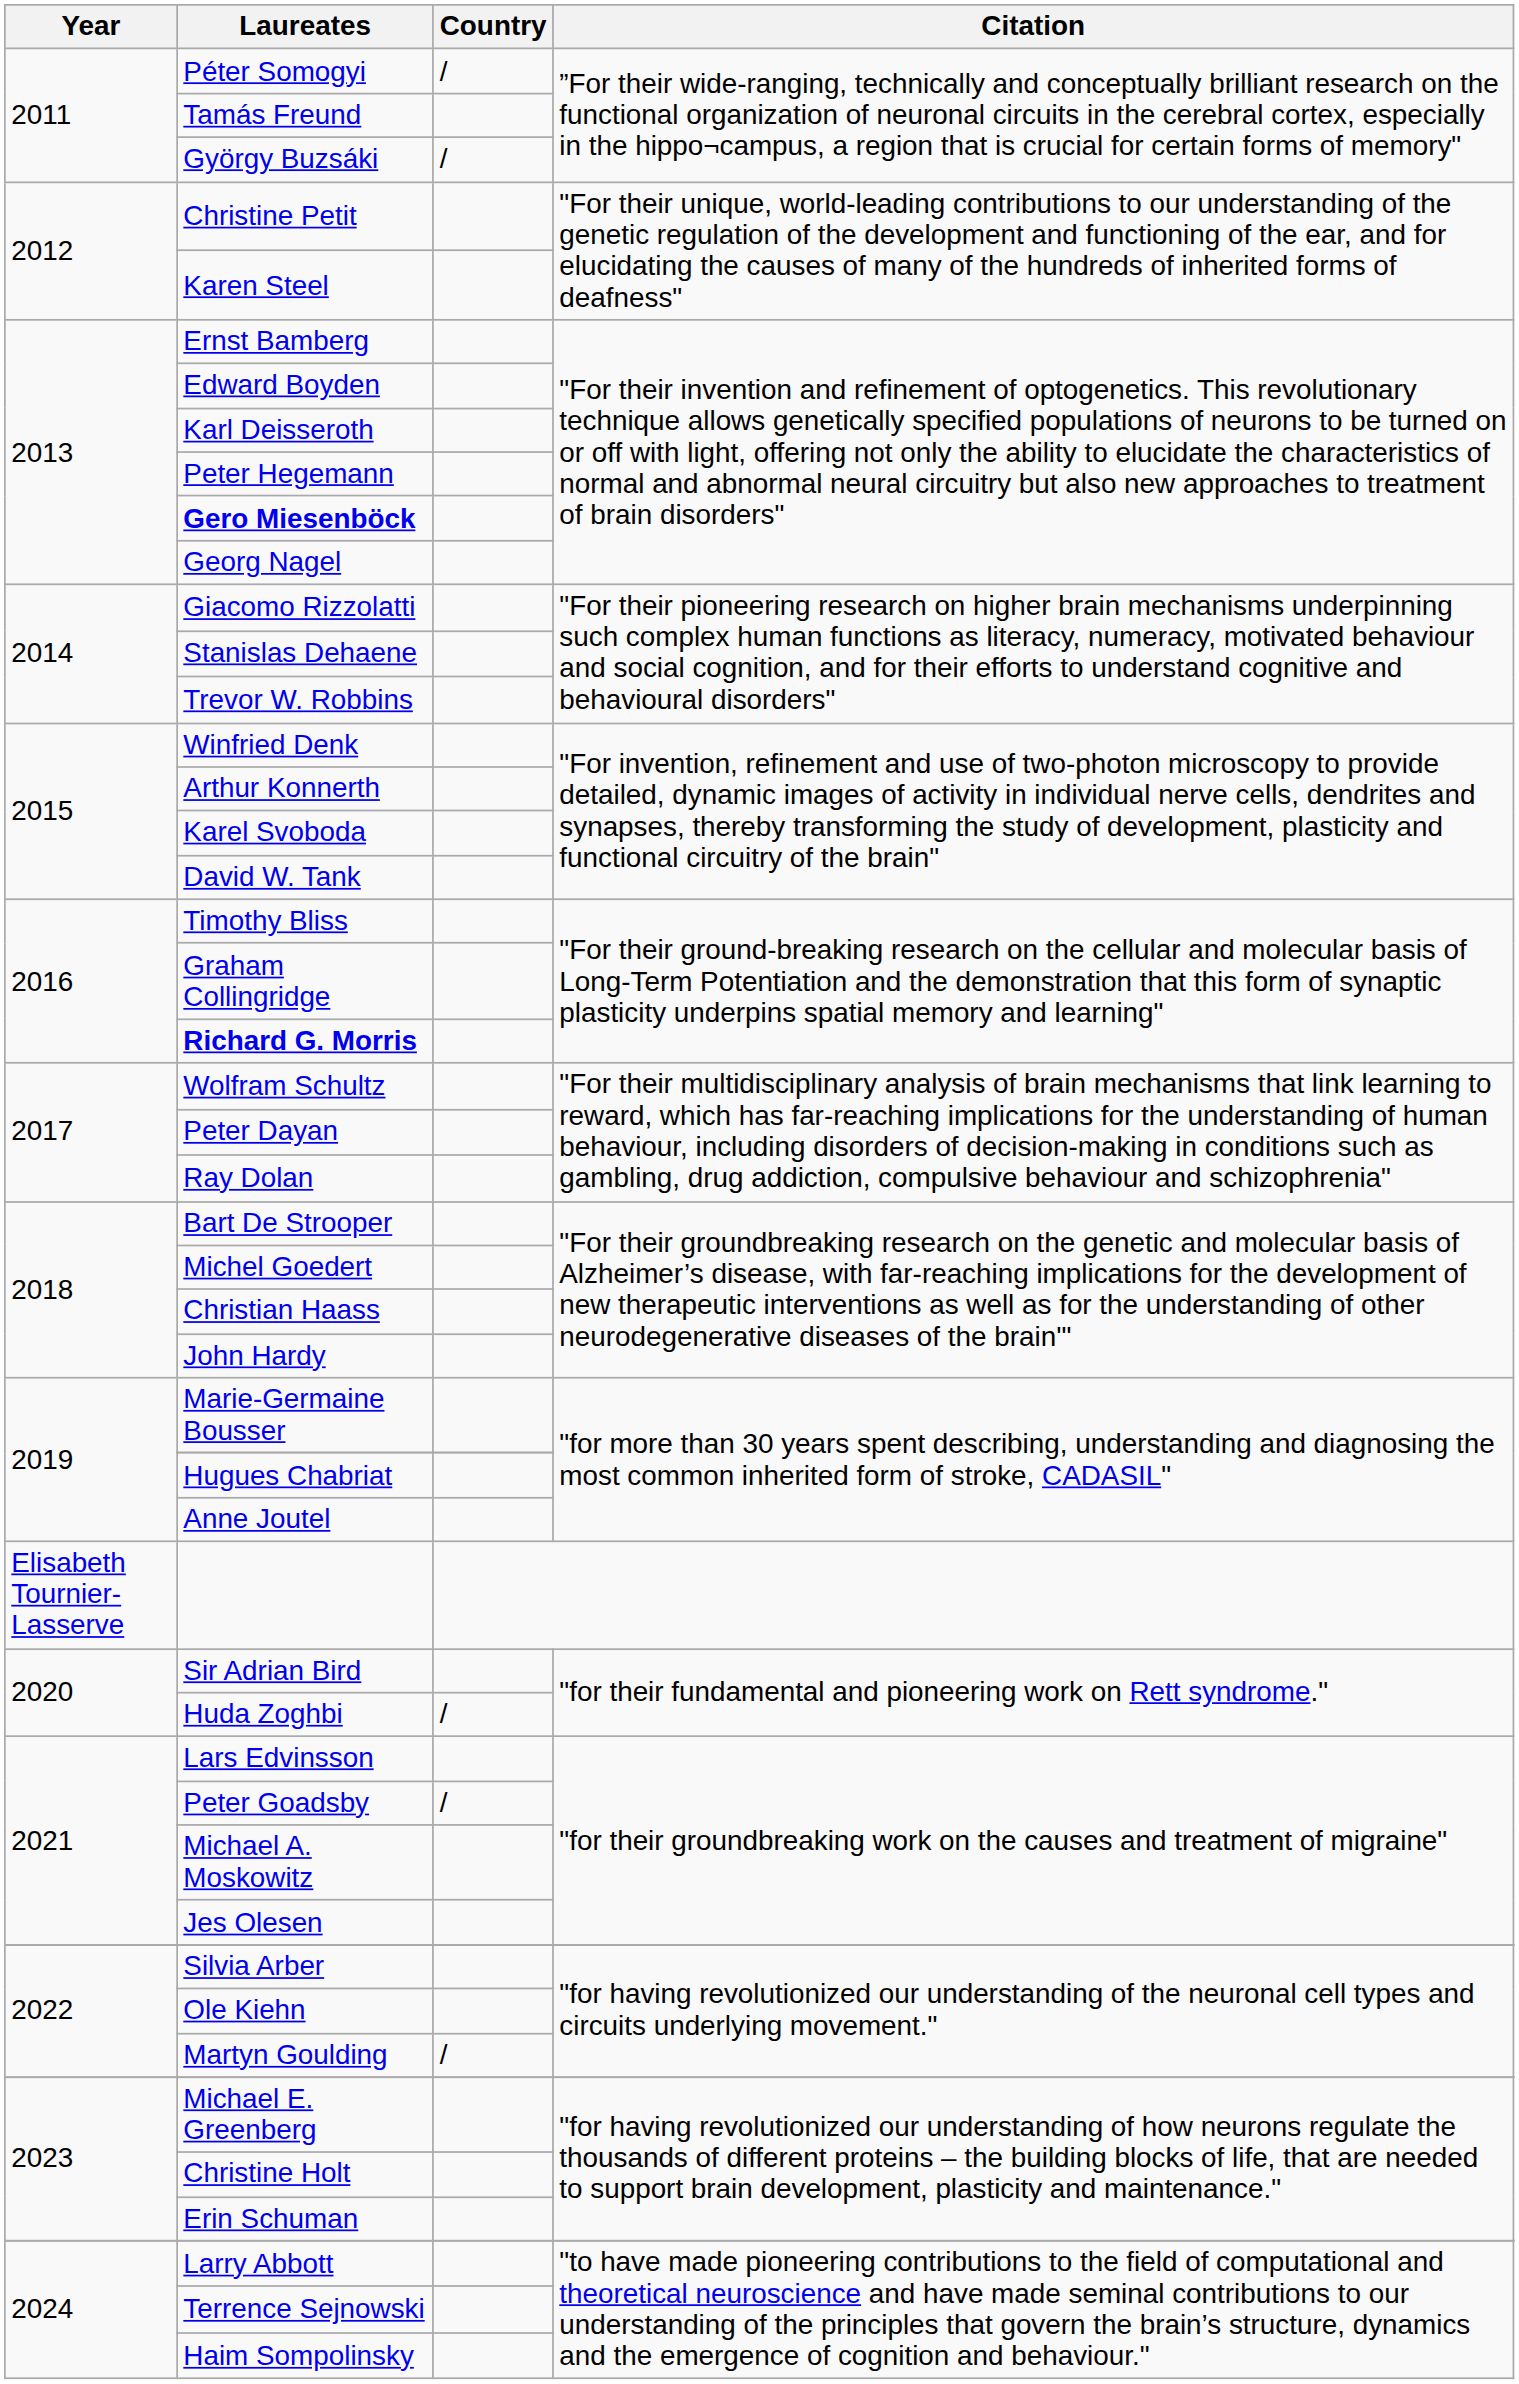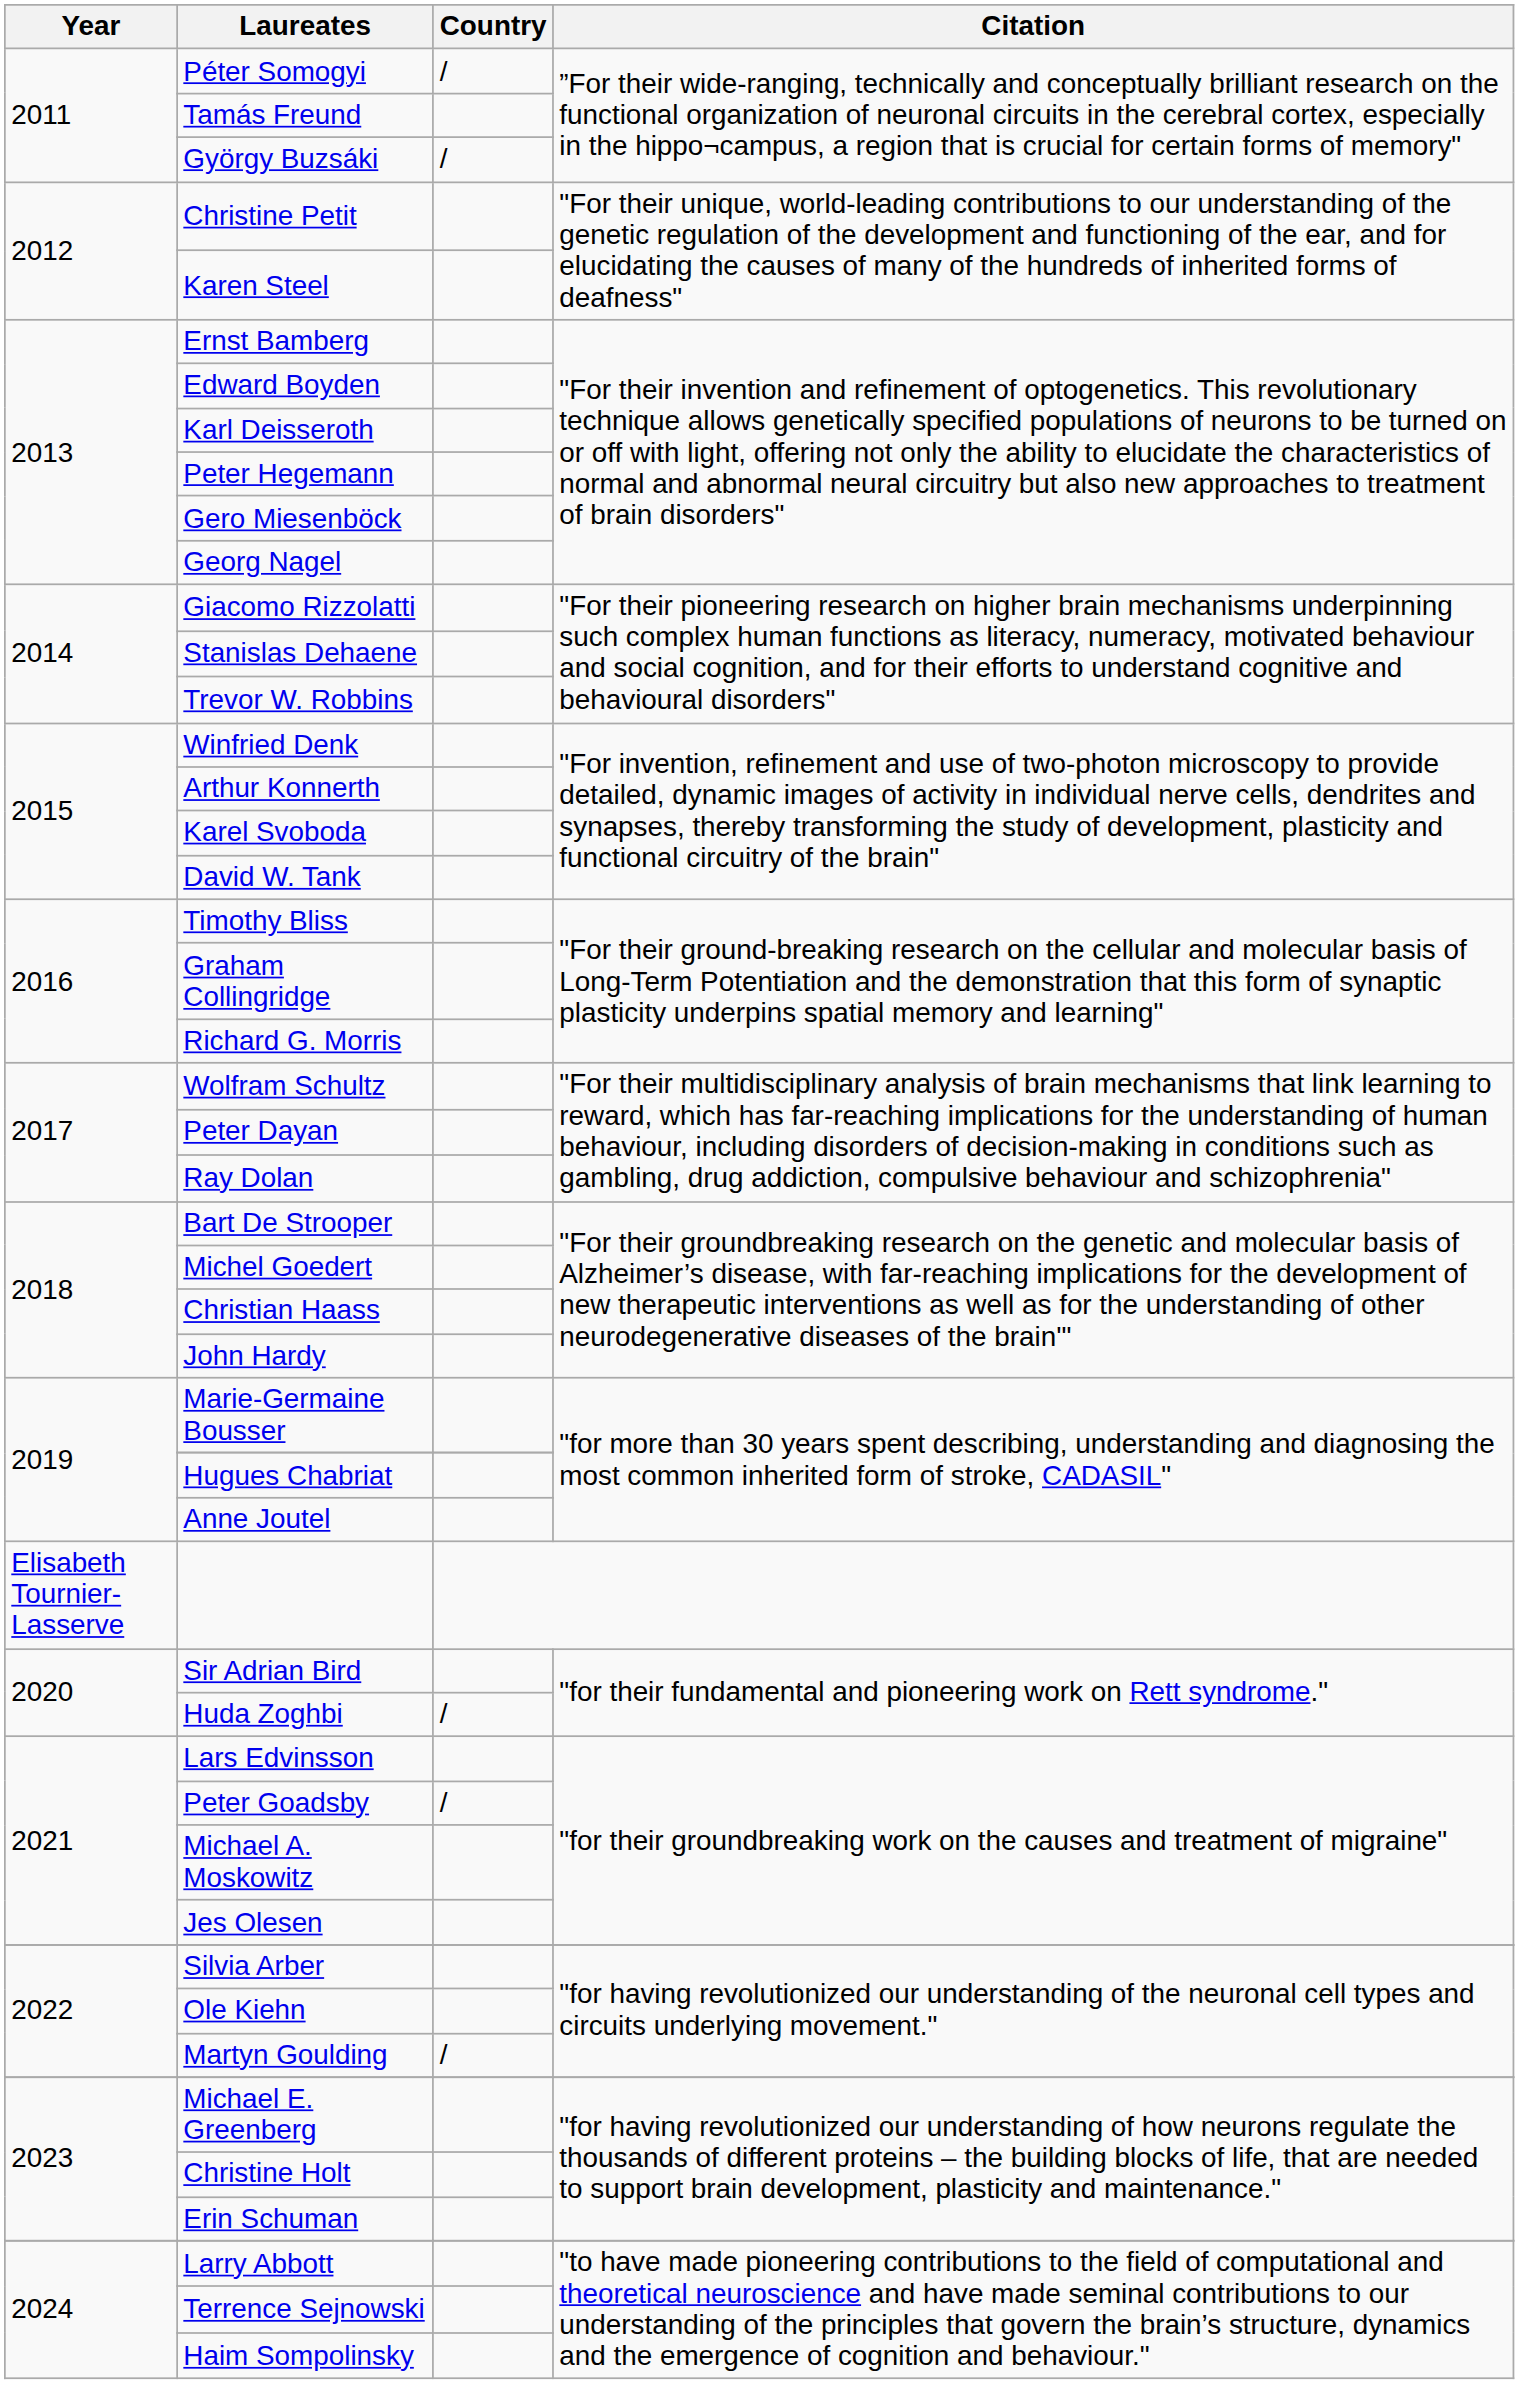 <table class="wikitable">
 <tr>
 <th>Year</th>
 <th scope="col" style="width: 17%;">Laureates</th>
 <th scope="col" style="width:  7%;">Country</th>
 <th>Citation</th>
 </tr>
 <tr>
 <td rowspan="3">2011</td>
 <td><a href='#'>Péter Somogyi</a></td>
 <td> / </td>
 <td rowspan=3>”For their wide-ranging, technically and conceptually brilliant research on the functional organization of neuronal circuits in the cerebral cortex, especially in the hippo¬campus, a region that is crucial for certain forms of memory"</td>
 </tr>
 <tr>
 <td><a href='#'>Tamás Freund</a></td>
 <td></td>
 </tr>
 <tr>
 <td><a href='#'>György Buzsáki</a></td>
 <td> / </td>
 </tr>
 <tr>
 <td rowspan=2>2012</td>
 <td><a href='#'>Christine Petit</a></td>
 <td></td>
 <td rowspan=2>"For their unique, world-leading contributions to our understanding of the genetic regulation of the development and functioning of the ear, and for elucidating the causes of many of the hundreds of inherited forms of deafness"</td>
 </tr>
 <tr>
 <td><a href='#'>Karen Steel</a></td>
 <td></td>
 </tr>
 <tr>
 <td rowspan=6>2013</td>
 <td><a href='#'>Ernst Bamberg</a></td>
 <td></td>
 <td rowspan=6>"For their invention and refinement of optogenetics. This revolutionary technique allows genetically specified populations of neurons to be turned on or off with light, offering not only the ability to elucidate the characteristics of normal and abnormal neural circuitry but also new approaches to treatment of brain disorders"</td>
 </tr>
 <tr>
 <td><a href='#'>Edward Boyden</a></td>
 <td></td>
 </tr>
 <tr>
 <td><a href='#'>Karl Deisseroth</a></td>
 <td></td>
 </tr>
 <tr>
 <td><a href='#'>Peter Hegemann</a></td>
 <td></td>
 </tr>
 <tr>
-<td><strong><a href='#'>Gero Miesenböck</a></strong></td>
+<td><a href='#'>Gero Miesenböck</a></td>
 <td></td>
 </tr>
 <tr>
 <td><a href='#'>Georg Nagel</a></td>
 <td></td>
 </tr>
 <tr>
 <td rowspan=3>2014</td>
 <td><a href='#'>Giacomo Rizzolatti</a></td>
 <td></td>
 <td rowspan=3>"For their pioneering research on higher brain mechanisms underpinning such complex human functions as literacy, numeracy, motivated behaviour and social cognition, and for their efforts to understand cognitive and behavioural disorders"</td>
 </tr>
 <tr>
 <td><a href='#'>Stanislas Dehaene</a></td>
 <td></td>
 </tr>
 <tr>
 <td><a href='#'>Trevor W. Robbins</a></td>
 <td></td>
 </tr>
 <tr>
 <td rowspan=4>2015</td>
 <td><a href='#'>Winfried Denk</a></td>
 <td></td>
 <td rowspan=4>"For invention, refinement and use of two-photon microscopy to provide detailed, dynamic images of activity in individual nerve cells, dendrites and synapses, thereby transforming the study of development, plasticity and functional circuitry of the brain"</td>
 </tr>
 <tr>
 <td><a href='#'>Arthur Konnerth</a></td>
 <td></td>
 </tr>
 <tr>
 <td><a href='#'>Karel Svoboda</a></td>
 <td></td>
 </tr>
 <tr>
 <td><a href='#'>David W. Tank</a></td>
 <td></td>
 </tr>
 <tr>
 <td rowspan=3>2016</td>
 <td><a href='#'>Timothy Bliss</a></td>
 <td></td>
 <td rowspan=3>"For their ground-breaking research on the cellular and molecular basis of Long-Term Potentiation and the demonstration that this form of synaptic plasticity underpins spatial memory and learning"</td>
 </tr>
 <tr>
 <td><a href='#'>Graham Collingridge</a></td>
 <td></td>
 </tr>
 <tr>
-<td><strong><a href='#'>Richard G. Morris</a></strong></td>
+<td><a href='#'>Richard G. Morris</a></td>
 <td></td>
 </tr>
 <tr>
 <td rowspan=3>2017</td>
 <td><a href='#'>Wolfram Schultz</a></td>
 <td></td>
 <td rowspan=3>"For their multidisciplinary analysis of brain mechanisms that link learning to reward, which has far-reaching implications for the understanding of human behaviour, including disorders of decision-making in conditions such as gambling, drug addiction, compulsive behaviour and schizophrenia"</td>
 </tr>
 <tr>
 <td><a href='#'>Peter Dayan</a></td>
 <td></td>
 </tr>
 <tr>
 <td><a href='#'>Ray Dolan</a></td>
 <td></td>
 </tr>
 <tr>
 <td rowspan=4>2018</td>
 <td><a href='#'>Bart De Strooper</a></td>
 <td></td>
 <td rowspan=4>"For their groundbreaking research on the genetic and molecular basis of Alzheimer’s disease, with far-reaching implications for the development of new therapeutic interventions as well as for the understanding of other neurodegenerative diseases of the brain'"</td>
 </tr>
 <tr>
 <td><a href='#'>Michel Goedert</a></td>
 <td></td>
 </tr>
 <tr>
 <td><a href='#'>Christian Haass</a></td>
 <td></td>
 </tr>
 <tr>
 <td><a href='#'>John Hardy</a></td>
 <td></td>
 </tr>
 <tr>
 <td rowspan="4">2019</td>
 <td><a href='#'>Marie-Germaine Bousser</a></td>
 <td></td>
 <td rowspan="4">"for more than 30 years spent describing, understanding and diagnosing the most common inherited form of stroke, <a href='#'>CADASIL</a>"</td>
 </tr>
 <tr>
 </tr>
 <tr>
 <td><a href='#'>Hugues Chabriat</a></td>
 <td></td>
 </tr>
 <tr>
 <td><a href='#'>Anne Joutel</a></td>
 <td></td>
 </tr>
 <tr>
 <td><a href='#'>Elisabeth Tournier-Lasserve</a></td>
 <td></td>
 </tr>
 <tr>
 <td rowspan="2">2020</td>
 <td><a href='#'>Sir Adrian Bird</a></td>
 <td></td>
 <td rowspan="2">"for their fundamental and pioneering work on <a href='#'>Rett syndrome</a>."</td>
 </tr>
 <tr>
 <td><a href='#'>Huda Zoghbi</a></td>
 <td> / </td>
 </tr>
 <tr>
 <td rowspan="4">2021</td>
 <td><a href='#'>Lars Edvinsson</a></td>
 <td></td>
 <td rowspan="4">"for their groundbreaking work on the causes and treatment of migraine"</td>
 </tr>
 <tr>
 <td><a href='#'>Peter Goadsby</a></td>
 <td> / </td>
 </tr>
 <tr>
 <td><a href='#'>Michael A. Moskowitz</a></td>
 <td></td>
 </tr>
 <tr>
 <td><a href='#'>Jes Olesen</a></td>
 <td></td>
 </tr>
 <tr>
 </tr>
 <tr>
 <td rowspan=3>2022</td>
 <td><a href='#'>Silvia Arber</a></td>
 <td></td>
 <td rowspan=3>"for having revolutionized our understanding of the neuronal cell types and circuits underlying movement."</td>
 </tr>
 <tr>
 <td><a href='#'>Ole Kiehn</a></td>
 <td></td>
 </tr>
 <tr>
 <td><a href='#'>Martyn Goulding</a></td>
 <td> / </td>
 </tr>
 <tr>
 </tr>
 <tr>
 <td rowspan=3>2023</td>
 <td><a href='#'>Michael E. Greenberg</a></td>
 <td></td>
 <td rowspan=3>"for having revolutionized our understanding of how neurons regulate the thousands of different proteins – the building blocks of life, that are needed to support brain development, plasticity and maintenance."</td>
 </tr>
 <tr>
 <td><a href='#'>Christine Holt</a></td>
 <td></td>
 </tr>
 <tr>
 <td><a href='#'>Erin Schuman</a></td>
 <td></td>
 </tr>
 <tr>
 </tr>
 <tr>
 <td rowspan=3>2024</td>
 <td><a href='#'>Larry Abbott</a></td>
 <td></td>
 <td rowspan=3>"to have made pioneering contributions to the field of computational and <a href='#'>theoretical neuroscience</a> and have made seminal contributions to our understanding of the principles that govern the brain’s structure, dynamics and the emergence of cognition and behaviour."</td>
 </tr>
 <tr>
 <td><a href='#'>Terrence Sejnowski</a></td>
 <td></td>
 </tr>
 <tr>
 <td><a href='#'>Haim Sompolinsky</a></td>
 <td></td>
 </tr>
 </table>
